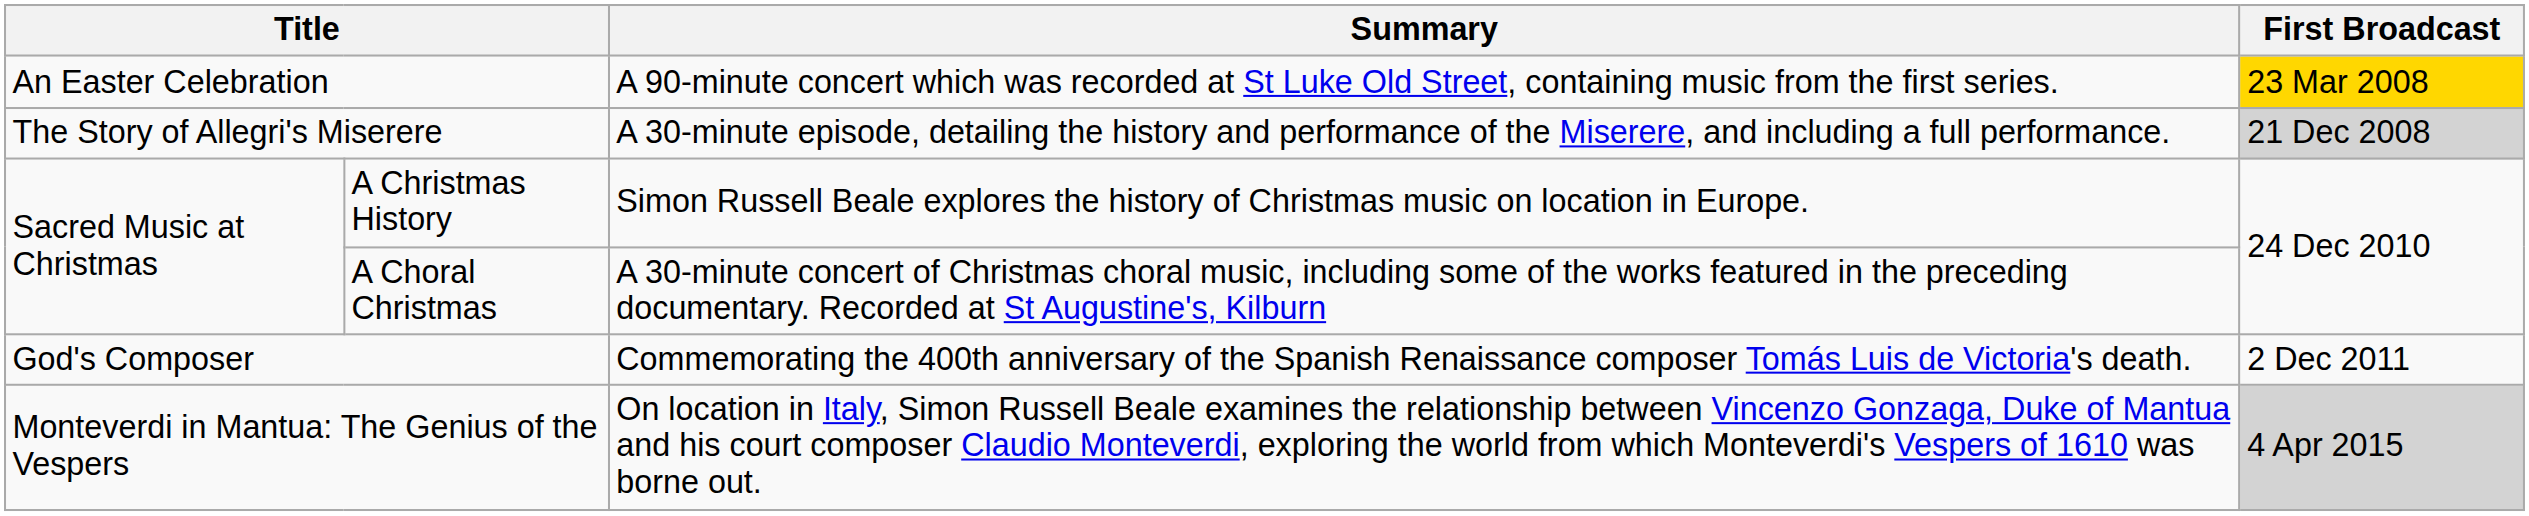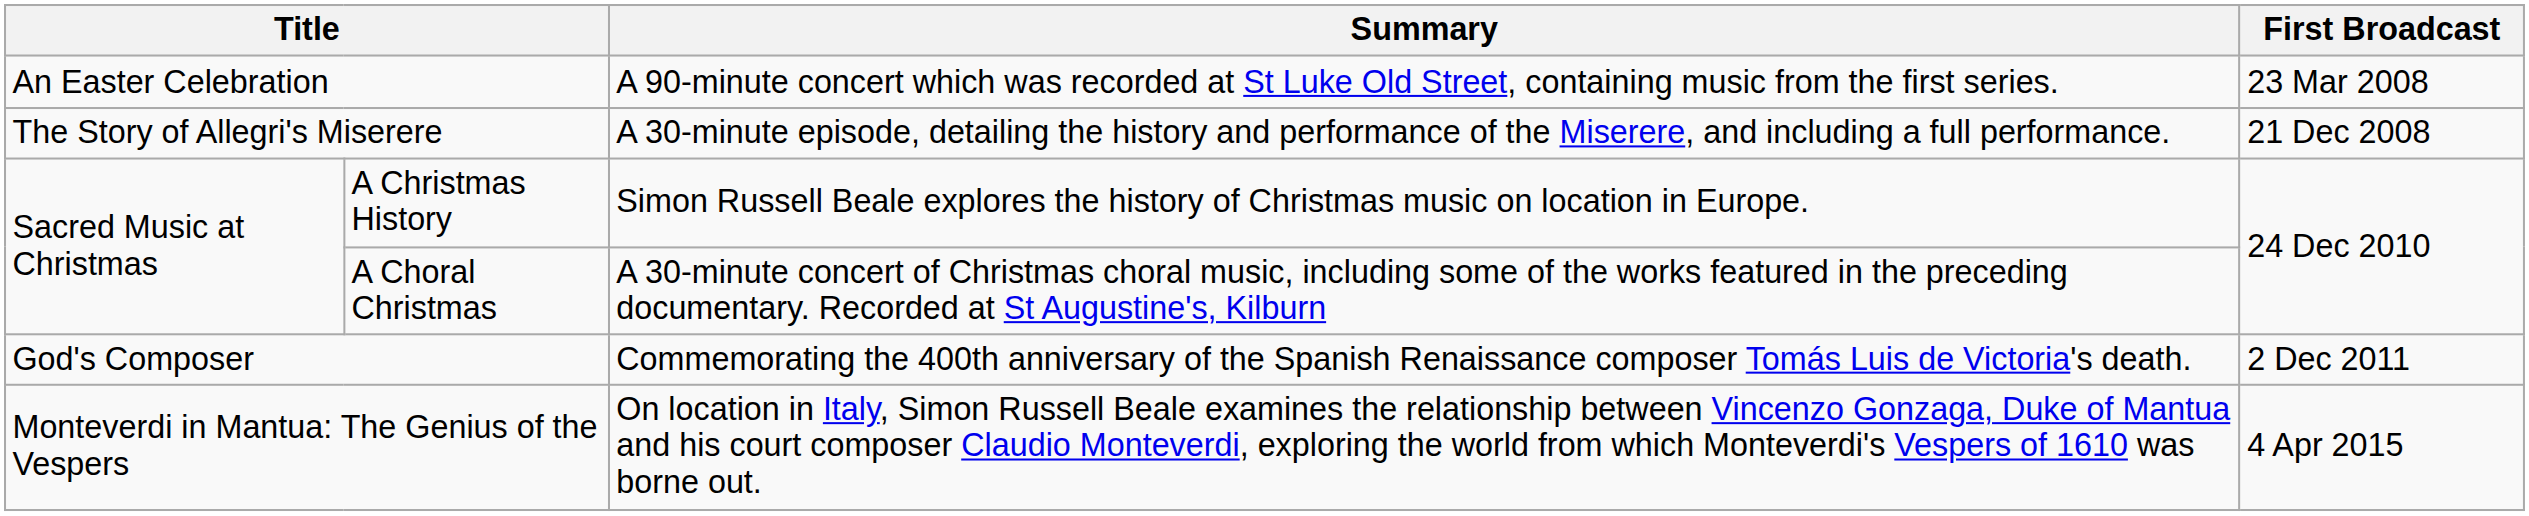 <table class="wikitable">
 <tr>
 <th colspan="2">Title</th>
 <th style="width: 600pt;">Summary</th>
 <th style="width: 100pt;">First Broadcast</th>
 </tr>
 <tr>
 <td colspan="2">An Easter Celebration</td>
 <td>A 90-minute concert which was recorded at <a href='#'>St Luke Old Street</a>, containing music from the first series.</td>
-<td style="background: gold;">23 Mar 2008</td>
+<td>23 Mar 2008</td>
 </tr>
 <tr>
 <td colspan="2">The Story of Allegri's Miserere</td>
 <td>A 30-minute episode, detailing the history and performance of the <a href='#'>Miserere</a>, and including a full performance.<br></td>
-<td style="background: lightgrey;">21 Dec 2008</td>
+<td>21 Dec 2008</td>
 </tr>
 <tr>
 <td rowspan="2">Sacred Music at Christmas</td>
 <td>A Christmas History</td>
 <td>Simon Russell Beale explores the history of Christmas music on location in Europe.</td>
 <td rowspan="2">24 Dec 2010</td>
 </tr>
 <tr>
 <td>A Choral Christmas</td>
 <td>A 30-minute concert of Christmas choral music, including some of the works featured in the preceding documentary. Recorded at <a href='#'>St Augustine's, Kilburn</a></td>
 </tr>
 <tr>
 <td colspan="2">God's Composer</td>
 <td>Commemorating the 400th anniversary of the Spanish Renaissance composer <a href='#'>Tomás Luis de Victoria</a>'s death.</td>
 <td>2 Dec 2011</td>
 </tr>
 <tr>
 <td colspan="2">Monteverdi in Mantua: The Genius of the Vespers</td>
 <td>On location in <a href='#'>Italy</a>, Simon Russell Beale examines the relationship between <a href='#'>Vincenzo Gonzaga, Duke of Mantua</a> and his court composer <a href='#'>Claudio Monteverdi</a>, exploring the world from which Monteverdi's <a href='#'>Vespers of 1610</a> was borne out.</td>
-<td style="background: lightgrey;">4 Apr 2015</td>
+<td>4 Apr 2015</td>
 </tr>
 </table>
